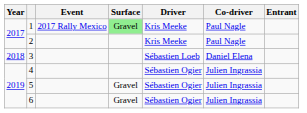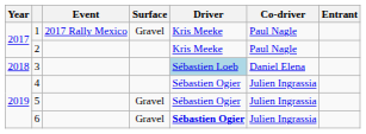 <table class="wikitable" style="font-size: 85%;">
 <tr>
 <th>Year</th>
 <th></th>
 <th>Event</th>
 <th>Surface</th>
 <th>Driver</th>
 <th>Co-driver</th>
 <th>Entrant</th>
 </tr>
 <tr>
 <td rowspan="2" style="text-align:center;"><a href='#'>2017</a></td>
 <td style="text-align:center;">1</td>
 <td> <a href='#'>2017 Rally Mexico</a></td>
-<td style="background: lightgreen; text-align:center;">Gravel</td>
+<td style="text-align:center;">Gravel</td>
 <td> <a href='#'>Kris Meeke</a></td>
 <td> <a href='#'>Paul Nagle</a></td>
 <td></td>
 </tr>
 <tr>
 <td style="text-align:center;">2</td>
 <td></td>
 <td style="text-align:center;"></td>
 <td> <a href='#'>Kris Meeke</a></td>
 <td> <a href='#'>Paul Nagle</a></td>
 <td></td>
 </tr>
 <tr>
 <td style="text-align:center;"><a href='#'>2018</a></td>
 <td style="text-align:center;">3</td>
 <td></td>
 <td style="text-align:center;"></td>
-<td> <a href='#'>Sébastien Loeb</a></td>
+<td style="background: lightblue;"> <a href='#'>Sébastien Loeb</a></td>
 <td> <a href='#'>Daniel Elena</a></td>
 <td></td>
 </tr>
 <tr>
 <td rowspan="3" style="text-align:center;"><a href='#'>2019</a></td>
 <td style="text-align:center;">4</td>
 <td></td>
 <td style="text-align:center;"></td>
 <td> <a href='#'>Sébastien Ogier</a></td>
 <td> <a href='#'>Julien Ingrassia</a></td>
 <td></td>
 </tr>
 <tr>
 <td style="text-align:center;">5</td>
 <td></td>
 <td style="text-align:center;">Gravel</td>
 <td> <a href='#'>Sébastien Ogier</a></td>
 <td> <a href='#'>Julien Ingrassia</a></td>
 <td></td>
 </tr>
 <tr>
 <td style="text-align:center;">6</td>
 <td></td>
 <td style="text-align:center;">Gravel</td>
-<td> <a href='#'>Sébastien Ogier</a></td>
+<td><strong> <a href='#'>Sébastien Ogier</a></strong></td>
 <td> <a href='#'>Julien Ingrassia</a></td>
 <td></td>
 </tr>
 </table>
